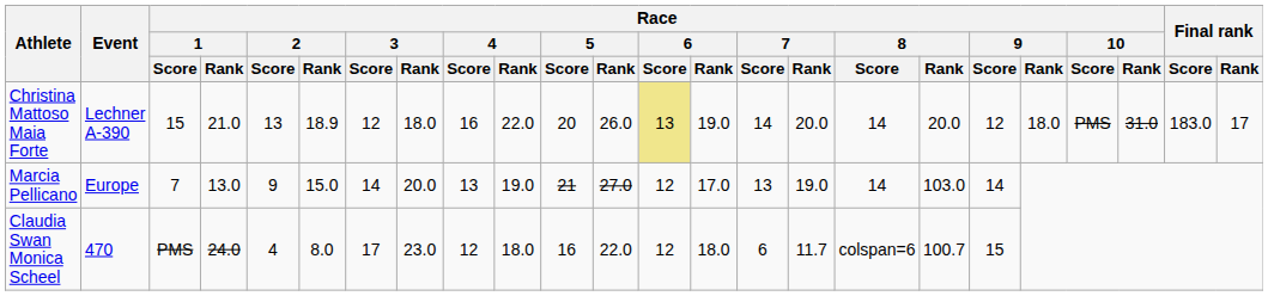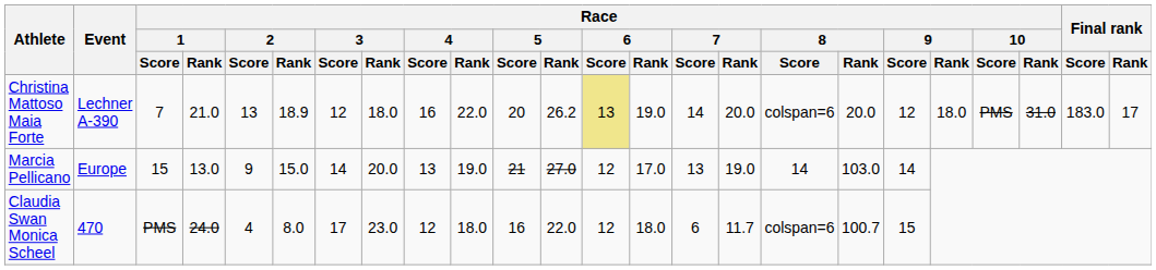 <table class="wikitable" style="font-size:90%">
 <tr>
 <th rowspan="3">Athlete</th>
 <th rowspan="3">Event</th>
 <th colspan="20">Race</th>
 <th rowspan=2 colspan="2">Final rank</th>
 </tr>
 <tr style="font-size:95%">
 <th colspan="2">1</th>
 <th colspan="2">2</th>
 <th colspan="2">3</th>
 <th colspan="2">4</th>
 <th colspan="2">5</th>
 <th colspan="2">6</th>
 <th colspan="2">7</th>
 <th colspan="2">8</th>
 <th colspan="2">9</th>
 <th colspan="2">10</th>
 </tr>
 <tr style="font-size:95%">
 <th>Score</th>
 <th>Rank</th>
 <th>Score</th>
 <th>Rank</th>
 <th>Score</th>
 <th>Rank</th>
 <th>Score</th>
 <th>Rank</th>
 <th>Score</th>
 <th>Rank</th>
 <th>Score</th>
 <th>Rank</th>
 <th>Score</th>
 <th>Rank</th>
 <th>Score</th>
 <th>Rank</th>
 <th>Score</th>
 <th>Rank</th>
 <th>Score</th>
 <th>Rank</th>
 <th>Score</th>
 <th>Rank</th>
 </tr>
 <tr align=center>
 <td align=left><a href='#'>Christina Mattoso Maia Forte</a></td>
 <td align=left><a href='#'>Lechner A-390</a></td>
-<td>15</td>
+<td>7</td>
 <td>21.0</td>
 <td>13</td>
 <td>18.9</td>
 <td>12</td>
 <td>18.0</td>
 <td>16</td>
 <td>22.0</td>
 <td>20</td>
-<td>26.0</td>
+<td>26.2</td>
 <td style="background: khaki;">13</td>
 <td>19.0</td>
 <td>14</td>
 <td>20.0</td>
-<td>14</td>
+<td>colspan=6</td>
 <td>20.0</td>
 <td>12</td>
 <td>18.0</td>
 <td><s>PMS</s></td>
 <td><s>31.0</s></td>
 <td>183.0</td>
 <td>17</td>
 </tr>
 <tr align=center>
 <td align=left><a href='#'>Marcia Pellicano</a></td>
 <td align=left><a href='#'>Europe</a></td>
-<td>7</td>
+<td>15</td>
 <td>13.0</td>
 <td>9</td>
 <td>15.0</td>
 <td>14</td>
 <td>20.0</td>
 <td>13</td>
 <td>19.0</td>
 <td><s>21</s></td>
 <td><s>27.0</s></td>
 <td>12</td>
 <td>17.0</td>
 <td>13</td>
 <td>19.0</td>
 <td>14</td>
 <td>103.0</td>
 <td>14</td>
 </tr>
 <tr align=center>
 <td align=left><a href='#'>Claudia Swan</a><br><a href='#'>Monica Scheel</a></td>
 <td align=left><a href='#'>470</a></td>
 <td><s>PMS</s></td>
 <td><s>24.0</s></td>
 <td>4</td>
 <td>8.0</td>
 <td>17</td>
 <td>23.0</td>
 <td>12</td>
 <td>18.0</td>
 <td>16</td>
 <td>22.0</td>
 <td>12</td>
 <td>18.0</td>
 <td>6</td>
 <td>11.7</td>
 <td>colspan=6</td>
 <td>100.7</td>
 <td>15</td>
 </tr>
 </table>
